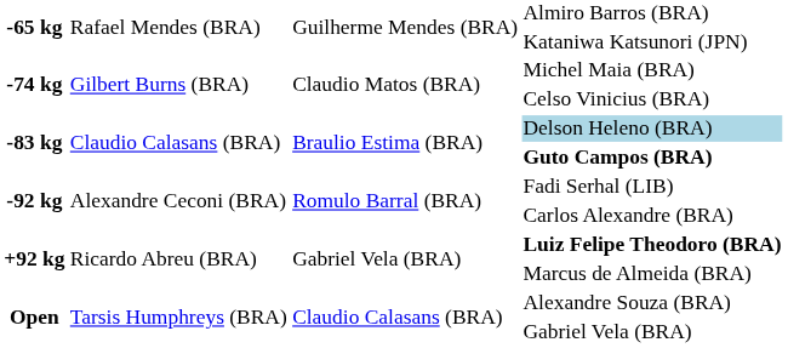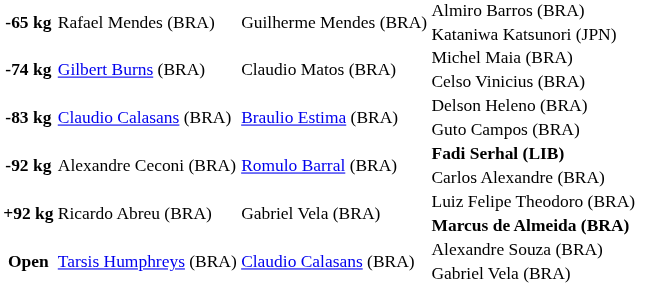 <table>
 <tr>
 <th scope=row rowspan=2>-65 kg</th>
 <td rowspan=2> Rafael Mendes (BRA)</td>
 <td rowspan=2> Guilherme Mendes (BRA)</td>
 <td> Almiro Barros (BRA)</td>
 </tr>
 <tr>
 <td> Kataniwa Katsunori (JPN)</td>
 </tr>
 <tr>
 <th scope=row rowspan=2>-74 kg</th>
 <td rowspan=2> <a href='#'>Gilbert Burns</a> (BRA)</td>
 <td rowspan=2> Claudio Matos (BRA)</td>
 <td> Michel Maia (BRA)</td>
 </tr>
 <tr>
 <td> Celso Vinicius (BRA)</td>
 </tr>
 <tr>
 <th scope=row rowspan=2>-83 kg</th>
 <td rowspan=2> <a href='#'>Claudio Calasans</a> (BRA)</td>
 <td rowspan=2> <a href='#'>Braulio Estima</a> (BRA)</td>
-<td style="background: lightblue;"> Delson Heleno (BRA)</td>
+<td> Delson Heleno (BRA)</td>
 </tr>
 <tr>
-<td><strong> Guto Campos (BRA)</strong></td>
+<td> Guto Campos (BRA)</td>
 </tr>
 <tr>
 <th scope=row rowspan=2>-92 kg</th>
 <td rowspan=2> Alexandre Ceconi (BRA)</td>
 <td rowspan=2> <a href='#'>Romulo Barral</a> (BRA)</td>
-<td> Fadi Serhal (LIB)</td>
+<td><strong> Fadi Serhal (LIB)</strong></td>
 </tr>
 <tr>
 <td> Carlos Alexandre (BRA)</td>
 </tr>
 <tr>
 <th scope=row rowspan=2>+92 kg</th>
 <td rowspan=2> Ricardo Abreu (BRA)</td>
 <td rowspan=2> Gabriel Vela (BRA)</td>
-<td><strong> Luiz Felipe Theodoro (BRA)</strong></td>
+<td> Luiz Felipe Theodoro (BRA)</td>
 </tr>
 <tr>
-<td> Marcus de Almeida (BRA)</td>
+<td><strong> Marcus de Almeida (BRA)</strong></td>
 </tr>
 <tr>
 <th scope=row rowspan=2>Open</th>
 <td rowspan=2> <a href='#'>Tarsis Humphreys</a> (BRA)</td>
 <td rowspan=2> <a href='#'>Claudio Calasans</a> (BRA)</td>
 <td> Alexandre Souza (BRA)</td>
 </tr>
 <tr>
 <td> Gabriel Vela (BRA)</td>
 </tr>
 </table>
